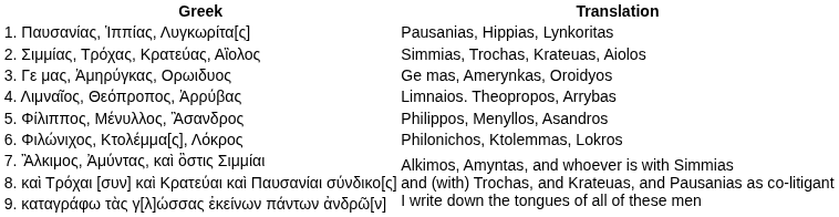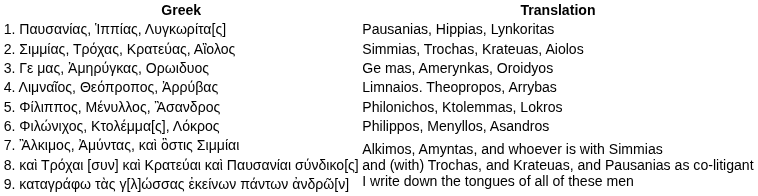 <table>
 <tr>
 <th>Greek</th>
 <th>Translation</th>
 </tr>
 <tr>
 <td>1. Παυσανίας, Ἱππίας, Λυγκωρίτα[ς]</td>
 <td>Pausanias, Hippias, Lynkoritas</td>
 </tr>
 <tr>
 <td>2. Σιμμίας, Τρόχας, Κρατεύας, Αἲολος</td>
 <td>Simmias, Trochas, Krateuas, Aiolos</td>
 </tr>
 <tr>
 <td>3. Γε μας, Ἀμηρύγκας, Ορωιδυος</td>
 <td>Ge mas, Amerynkas, Oroidyos</td>
 </tr>
 <tr>
 <td>4. Λιμναῖος, Θεόπροπος, Ἀρρύβας</td>
 <td>Limnaios. Theopropos, Arrybas</td>
 </tr>
 <tr>
 <td>5. Φίλιππος, Μένυλλος, Ἂσανδρος</td>
-<td>Philippos, Menyllos, Asandros</td>
+<td>Philonichos, Ktolemmas, Lokros</td>
 </tr>
 <tr>
 <td>6. Φιλώνιχος, Κτολέμμα[ς], Λόκρος</td>
-<td>Philonichos, Ktolemmas, Lokros</td>
+<td>Philippos, Menyllos, Asandros</td>
 </tr>
 <tr>
 <td>7. Ἂλκιμος, Ἀμύντας, καὶ ὃστις Σιμμίαι</td>
 <td rowspan="3">Alkimos, Amyntas, and whoever is with Simmias<br>and (with) Trochas, and Krateuas, and Pausanias as co-litigant<br> I write down the tongues of all of these men</td>
 </tr>
 <tr>
 <td>8. καὶ Τρόχαι [συν] καὶ Κρατεύαι καὶ Παυσανίαι σύνδικο[ς]</td>
 </tr>
 <tr>
 <td>9. καταγράφω τὰς γ[λ]ώσσας ἐκείνων πάντων ἀνδρῶ[ν]</td>
 </tr>
 </table>
